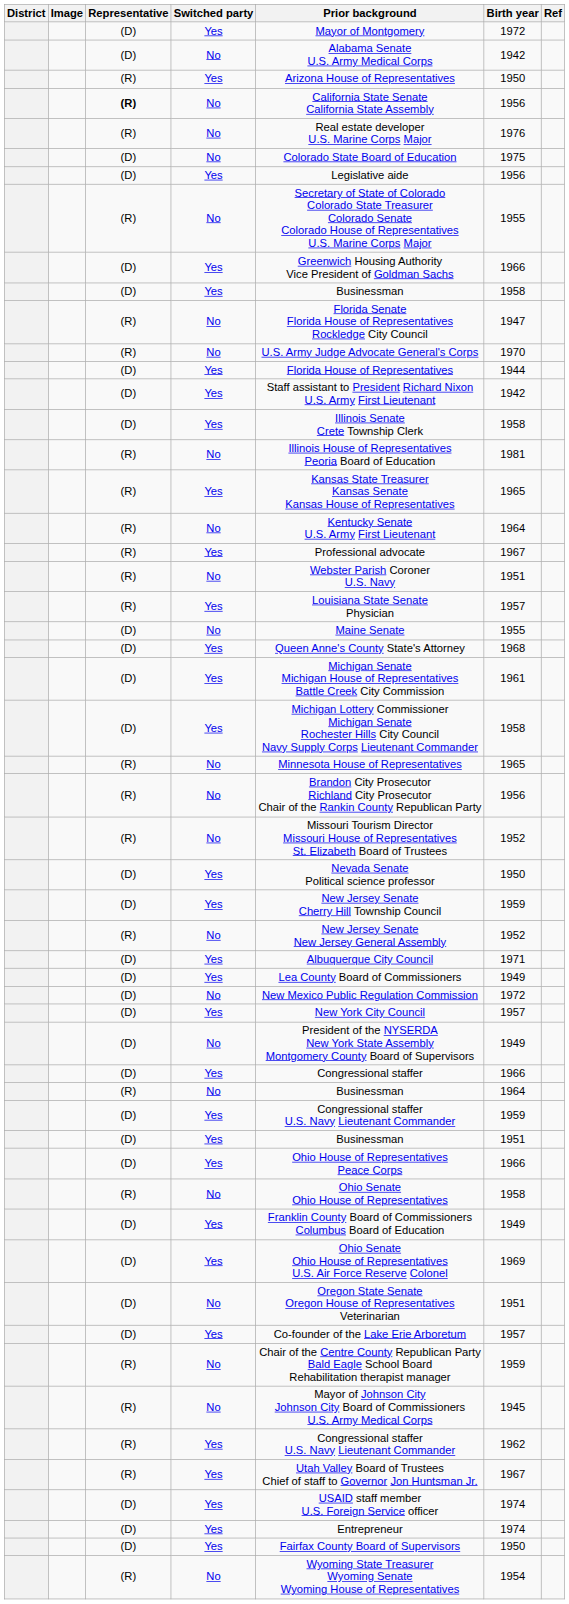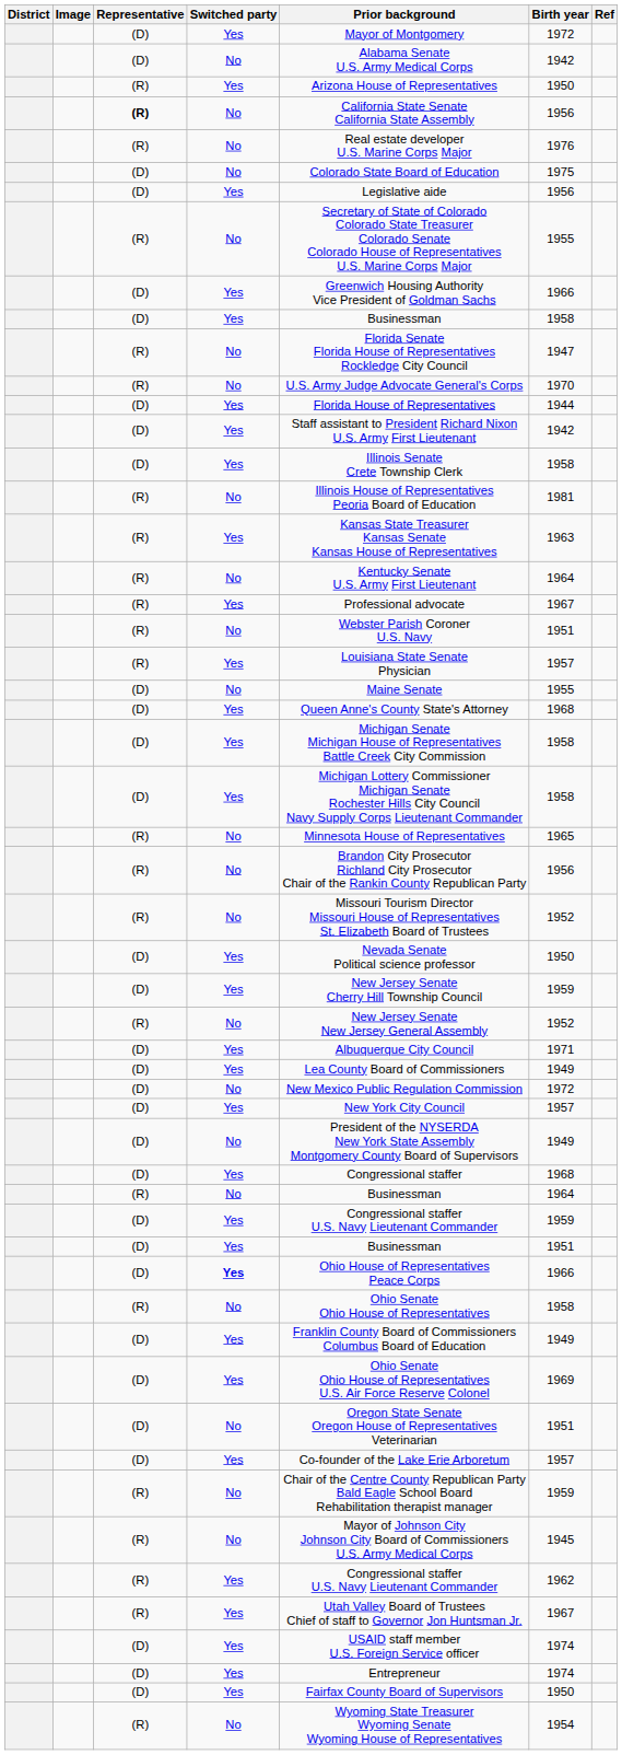 <table class="sortable wikitable" style="text-align:center">
 <tr>
 <th>District</th>
 <th>Image</th>
 <th>Representative</th>
 <th>Switched party</th>
 <th>Prior background</th>
 <th>Birth year</th>
 <th>Ref</th>
 </tr>
 <tr>
 <th></th>
 <td></td>
 <td> (D)</td>
 <td><a href='#'>Yes</a><br></td>
 <td><a href='#'>Mayor of Montgomery</a></td>
 <td>1972</td>
 <td></td>
 </tr>
 <tr>
 <th></th>
 <td></td>
 <td> (D)</td>
 <td><a href='#'>No</a><br></td>
 <td><a href='#'>Alabama Senate</a><br><a href='#'>U.S. Army Medical Corps</a></td>
 <td>1942</td>
 <td></td>
 </tr>
 <tr>
 <th></th>
 <td></td>
 <td> (R)</td>
 <td><a href='#'>Yes</a><br></td>
 <td><a href='#'>Arizona House of Representatives</a></td>
 <td>1950</td>
 <td></td>
 </tr>
 <tr>
 <th></th>
 <td></td>
 <td><strong> (R)</strong></td>
 <td><a href='#'>No</a><br></td>
 <td><a href='#'>California State Senate</a><br><a href='#'>California State Assembly</a></td>
 <td>1956</td>
 <td></td>
 </tr>
 <tr>
 <th></th>
 <td></td>
 <td> (R)</td>
 <td><a href='#'>No</a><br></td>
 <td>Real estate developer<br><a href='#'>U.S. Marine Corps</a> <a href='#'>Major</a></td>
 <td>1976</td>
 <td></td>
 </tr>
 <tr>
 <th></th>
 <td></td>
 <td> (D)</td>
 <td><a href='#'>No</a><br></td>
 <td><a href='#'>Colorado State Board of Education</a></td>
 <td>1975</td>
 <td></td>
 </tr>
 <tr>
 <th></th>
 <td></td>
 <td> (D)</td>
 <td><a href='#'>Yes</a><br></td>
 <td>Legislative aide</td>
 <td>1956</td>
 <td></td>
 </tr>
 <tr>
 <th></th>
 <td></td>
 <td> (R)</td>
 <td><a href='#'>No</a><br></td>
 <td><a href='#'>Secretary of State of Colorado</a><br><a href='#'>Colorado State Treasurer</a><br><a href='#'>Colorado Senate</a><br><a href='#'>Colorado House of Representatives</a><br><a href='#'>U.S. Marine Corps</a> <a href='#'>Major</a></td>
 <td>1955</td>
 <td></td>
 </tr>
 <tr>
 <th></th>
 <td></td>
 <td> (D)</td>
 <td><a href='#'>Yes</a><br></td>
 <td><a href='#'>Greenwich</a> Housing Authority<br>Vice President of <a href='#'>Goldman Sachs</a></td>
 <td>1966</td>
 <td></td>
 </tr>
 <tr>
 <th></th>
 <td></td>
 <td> (D)</td>
 <td><a href='#'>Yes</a><br></td>
 <td>Businessman</td>
 <td>1958</td>
 <td></td>
 </tr>
 <tr>
 <th></th>
 <td></td>
 <td> (R)</td>
 <td><a href='#'>No</a><br></td>
 <td><a href='#'>Florida Senate</a><br><a href='#'>Florida House of Representatives</a><br><a href='#'>Rockledge</a> City Council</td>
 <td>1947</td>
 <td></td>
 </tr>
 <tr>
 <th></th>
 <td></td>
 <td> (R)</td>
 <td><a href='#'>No</a><br></td>
 <td><a href='#'>U.S. Army Judge Advocate General's Corps</a></td>
 <td>1970</td>
 <td></td>
 </tr>
 <tr>
 <th></th>
 <td></td>
 <td> (D)</td>
 <td><a href='#'>Yes</a><br></td>
 <td><a href='#'>Florida House of Representatives</a></td>
 <td>1944</td>
 <td></td>
 </tr>
 <tr>
 <th></th>
 <td></td>
 <td> (D)</td>
 <td><a href='#'>Yes</a><br></td>
 <td>Staff assistant to <a href='#'>President</a> <a href='#'>Richard Nixon</a><br><a href='#'>U.S. Army</a> <a href='#'>First Lieutenant</a></td>
 <td>1942</td>
 <td></td>
 </tr>
 <tr>
 <th></th>
 <td></td>
 <td> (D)</td>
 <td><a href='#'>Yes</a><br></td>
 <td><a href='#'>Illinois Senate</a><br><a href='#'>Crete</a> Township Clerk</td>
 <td>1958</td>
 <td></td>
 </tr>
 <tr>
 <th></th>
 <td></td>
 <td> (R)</td>
 <td><a href='#'>No</a><br></td>
 <td><a href='#'>Illinois House of Representatives</a><br><a href='#'>Peoria</a> Board of Education</td>
 <td>1981</td>
 <td></td>
 </tr>
 <tr>
 <th></th>
 <td></td>
 <td> (R)</td>
 <td><a href='#'>Yes</a><br></td>
 <td><a href='#'>Kansas State Treasurer</a><br><a href='#'>Kansas Senate</a><br><a href='#'>Kansas House of Representatives</a></td>
-<td>1965</td>
+<td>1963</td>
 <td></td>
 </tr>
 <tr>
 <th></th>
 <td></td>
 <td> (R)</td>
 <td><a href='#'>No</a><br></td>
 <td><a href='#'>Kentucky Senate</a><br><a href='#'>U.S. Army</a> <a href='#'>First Lieutenant</a></td>
 <td>1964</td>
 <td></td>
 </tr>
 <tr>
 <th></th>
 <td></td>
 <td> (R)</td>
 <td><a href='#'>Yes</a><br></td>
 <td>Professional advocate</td>
 <td>1967</td>
 <td></td>
 </tr>
 <tr>
 <th></th>
 <td></td>
 <td> (R)</td>
 <td><a href='#'>No</a><br></td>
 <td><a href='#'>Webster Parish</a> Coroner<br><a href='#'>U.S. Navy</a></td>
 <td>1951</td>
 <td></td>
 </tr>
 <tr>
 <th></th>
 <td></td>
 <td> (R)</td>
 <td><a href='#'>Yes</a><br></td>
 <td><a href='#'>Louisiana State Senate</a><br>Physician</td>
 <td>1957</td>
 <td></td>
 </tr>
 <tr>
 <th></th>
 <td></td>
 <td> (D)</td>
 <td><a href='#'>No</a><br></td>
 <td><a href='#'>Maine Senate</a></td>
 <td>1955</td>
 <td></td>
 </tr>
 <tr>
 <th></th>
 <td></td>
 <td> (D)</td>
 <td><a href='#'>Yes</a><br></td>
 <td><a href='#'>Queen Anne's County</a> State's Attorney</td>
 <td>1968</td>
 <td></td>
 </tr>
 <tr>
 <th></th>
 <td></td>
 <td> (D)</td>
 <td><a href='#'>Yes</a><br></td>
 <td><a href='#'>Michigan Senate</a><br><a href='#'>Michigan House of Representatives</a><br><a href='#'>Battle Creek</a> City Commission</td>
-<td>1961</td>
+<td>1958</td>
 <td></td>
 </tr>
 <tr>
 <th></th>
 <td></td>
 <td> (D)</td>
 <td><a href='#'>Yes</a><br></td>
 <td><a href='#'>Michigan Lottery</a> Commissioner<br><a href='#'>Michigan Senate</a><br><a href='#'>Rochester Hills</a> City Council<br><a href='#'>Navy Supply Corps</a> <a href='#'>Lieutenant Commander</a></td>
 <td>1958</td>
 <td></td>
 </tr>
 <tr>
 <th></th>
 <td></td>
 <td> (R)</td>
 <td><a href='#'>No</a><br></td>
 <td><a href='#'>Minnesota House of Representatives</a></td>
 <td>1965</td>
 <td></td>
 </tr>
 <tr>
 <th></th>
 <td></td>
 <td> (R)</td>
 <td><a href='#'>No</a><br></td>
 <td><a href='#'>Brandon</a> City Prosecutor<br><a href='#'>Richland</a> City Prosecutor<br>Chair of the <a href='#'>Rankin County</a> Republican Party</td>
 <td>1956</td>
 <td></td>
 </tr>
 <tr>
 <th></th>
 <td></td>
 <td> (R)</td>
 <td><a href='#'>No</a><br></td>
 <td>Missouri Tourism Director<br><a href='#'>Missouri House of Representatives</a><br><a href='#'>St. Elizabeth</a> Board of Trustees</td>
 <td>1952</td>
 <td></td>
 </tr>
 <tr>
 <th></th>
 <td></td>
 <td> (D)</td>
 <td><a href='#'>Yes</a><br></td>
 <td><a href='#'>Nevada Senate</a><br>Political science professor</td>
 <td>1950</td>
 <td></td>
 </tr>
 <tr>
 <th></th>
 <td></td>
 <td> (D)</td>
 <td><a href='#'>Yes</a><br></td>
 <td><a href='#'>New Jersey Senate</a><br><a href='#'>Cherry Hill</a> Township Council</td>
 <td>1959</td>
 <td></td>
 </tr>
 <tr>
 <th></th>
 <td></td>
 <td> (R)</td>
 <td><a href='#'>No</a><br></td>
 <td><a href='#'>New Jersey Senate</a><br><a href='#'>New Jersey General Assembly</a></td>
 <td>1952</td>
 <td></td>
 </tr>
 <tr>
 <th></th>
 <td></td>
 <td> (D)</td>
 <td><a href='#'>Yes</a><br></td>
 <td><a href='#'>Albuquerque City Council</a></td>
 <td>1971</td>
 <td></td>
 </tr>
 <tr>
 <th></th>
 <td></td>
 <td> (D)</td>
 <td><a href='#'>Yes</a><br></td>
 <td><a href='#'>Lea County</a> Board of Commissioners</td>
 <td>1949</td>
 <td></td>
 </tr>
 <tr>
 <th></th>
 <td></td>
 <td> (D)</td>
 <td><a href='#'>No</a><br></td>
 <td><a href='#'>New Mexico Public Regulation Commission</a></td>
 <td>1972</td>
 <td></td>
 </tr>
 <tr>
 <th></th>
 <td></td>
 <td> (D)</td>
 <td><a href='#'>Yes</a><br></td>
 <td><a href='#'>New York City Council</a></td>
 <td>1957</td>
 <td></td>
 </tr>
 <tr>
 <th></th>
 <td></td>
 <td> (D)</td>
 <td><a href='#'>No</a><br></td>
 <td>President of the <a href='#'>NYSERDA</a><br><a href='#'>New York State Assembly</a><br><a href='#'>Montgomery County</a> Board of Supervisors</td>
 <td>1949</td>
 <td></td>
 </tr>
 <tr>
 <th></th>
 <td></td>
 <td> (D)</td>
 <td><a href='#'>Yes</a><br></td>
 <td>Congressional staffer</td>
-<td>1966</td>
+<td>1968</td>
 <td></td>
 </tr>
 <tr>
 <th></th>
 <td></td>
 <td> (R)</td>
 <td><a href='#'>No</a><br></td>
 <td>Businessman</td>
 <td>1964</td>
 <td></td>
 </tr>
 <tr>
 <th></th>
 <td></td>
 <td> (D)</td>
 <td><a href='#'>Yes</a><br></td>
 <td>Congressional staffer<br><a href='#'>U.S. Navy</a> <a href='#'>Lieutenant Commander</a></td>
 <td>1959</td>
 <td></td>
 </tr>
 <tr>
 <th></th>
 <td></td>
 <td> (D)</td>
 <td><a href='#'>Yes</a><br></td>
 <td>Businessman</td>
 <td>1951</td>
 <td></td>
 </tr>
 <tr>
 <th></th>
 <td></td>
 <td> (D)</td>
-<td><a href='#'>Yes</a><br></td>
+<td><strong><a href='#'>Yes</a><br></strong></td>
 <td><a href='#'>Ohio House of Representatives</a><br><a href='#'>Peace Corps</a></td>
 <td>1966</td>
 <td></td>
 </tr>
 <tr>
 <th></th>
 <td></td>
 <td> (R)</td>
 <td><a href='#'>No</a><br></td>
 <td><a href='#'>Ohio Senate</a><br><a href='#'>Ohio House of Representatives</a></td>
 <td>1958</td>
 <td></td>
 </tr>
 <tr>
 <th></th>
 <td></td>
 <td> (D)</td>
 <td><a href='#'>Yes</a><br></td>
 <td><a href='#'>Franklin County</a> Board of Commissioners<br><a href='#'>Columbus</a> Board of Education</td>
 <td>1949</td>
 <td></td>
 </tr>
 <tr>
 <th></th>
 <td></td>
 <td> (D)</td>
 <td><a href='#'>Yes</a><br></td>
 <td><a href='#'>Ohio Senate</a><br><a href='#'>Ohio House of Representatives</a><br><a href='#'>U.S. Air Force Reserve</a> <a href='#'>Colonel</a></td>
 <td>1969</td>
 <td></td>
 </tr>
 <tr>
 <th></th>
 <td></td>
 <td> (D)</td>
 <td><a href='#'>No</a><br></td>
 <td><a href='#'>Oregon State Senate</a><br><a href='#'>Oregon House of Representatives</a><br>Veterinarian</td>
 <td>1951</td>
 <td></td>
 </tr>
 <tr>
 <th></th>
 <td></td>
 <td> (D)</td>
 <td><a href='#'>Yes</a><br></td>
 <td>Co-founder of the <a href='#'>Lake Erie Arboretum</a></td>
 <td>1957</td>
 <td></td>
 </tr>
 <tr>
 <th></th>
 <td></td>
 <td> (R)</td>
 <td><a href='#'>No</a><br></td>
 <td>Chair of the <a href='#'>Centre County</a> Republican Party<br><a href='#'>Bald Eagle</a> School Board<br>Rehabilitation therapist manager</td>
 <td>1959</td>
 <td></td>
 </tr>
 <tr>
 <th></th>
 <td></td>
 <td> (R)</td>
 <td><a href='#'>No</a><br></td>
 <td>Mayor of <a href='#'>Johnson City</a><br><a href='#'>Johnson City</a> Board of Commissioners<br><a href='#'>U.S. Army Medical Corps</a></td>
 <td>1945</td>
 <td></td>
 </tr>
 <tr>
 <th></th>
 <td></td>
 <td> (R)</td>
 <td><a href='#'>Yes</a><br></td>
 <td>Congressional staffer<br><a href='#'>U.S. Navy</a> <a href='#'>Lieutenant Commander</a></td>
 <td>1962</td>
 <td></td>
 </tr>
 <tr>
 <th></th>
 <td></td>
 <td> (R)</td>
 <td><a href='#'>Yes</a><br></td>
 <td><a href='#'>Utah Valley</a> Board of Trustees<br>Chief of staff to <a href='#'>Governor</a> <a href='#'>Jon Huntsman Jr.</a></td>
 <td>1967</td>
 <td></td>
 </tr>
 <tr>
 <th></th>
 <td></td>
 <td> (D)</td>
 <td><a href='#'>Yes</a><br></td>
 <td><a href='#'>USAID</a> staff member<br><a href='#'>U.S. Foreign Service</a> officer</td>
 <td>1974</td>
 <td></td>
 </tr>
 <tr>
 <th></th>
 <td></td>
 <td> (D)</td>
 <td><a href='#'>Yes</a><br></td>
 <td>Entrepreneur</td>
 <td>1974</td>
 <td></td>
 </tr>
 <tr>
 <th></th>
 <td></td>
 <td> (D)</td>
 <td><a href='#'>Yes</a><br></td>
 <td><a href='#'>Fairfax County Board of Supervisors</a></td>
 <td>1950</td>
 <td></td>
 </tr>
 <tr>
 <th></th>
 <td></td>
 <td> (R)</td>
 <td><a href='#'>No</a><br></td>
 <td><a href='#'>Wyoming State Treasurer</a><br><a href='#'>Wyoming Senate</a><br><a href='#'>Wyoming House of Representatives</a></td>
 <td>1954</td>
 <td></td>
 </tr>
 </table>
